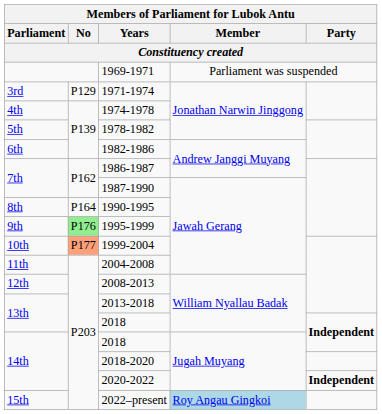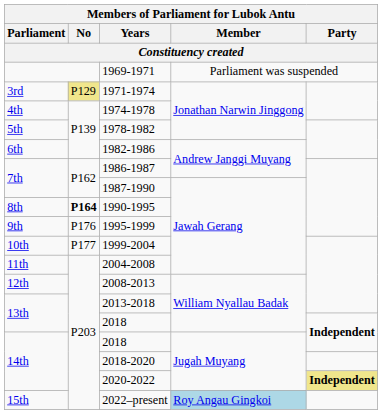 <table class=wikitable>
 <tr>
 <th colspan="5">Members of Parliament for Lubok Antu</th>
 </tr>
 <tr>
 <th>Parliament</th>
 <th>No</th>
 <th>Years</th>
 <th>Member</th>
 <th>Party</th>
 </tr>
 <tr>
 <th colspan="5" align="center"><em>Constituency created</em></th>
 </tr>
 <tr>
 <td colspan="2"></td>
 <td>1969-1971</td>
 <td colspan=2 align=center>Parliament was suspended</td>
 </tr>
 <tr>
 <td><a href='#'>3rd</a></td>
-<td>P129</td>
+<td style="background: khaki;">P129</td>
 <td>1971-1974</td>
 <td rowspan=3><a href='#'>Jonathan Narwin Jinggong</a></td>
 <td rowspan=2></td>
 </tr>
 <tr>
 <td><a href='#'>4th</a></td>
 <td rowspan="3">P139</td>
 <td>1974-1978</td>
 </tr>
 <tr>
 <td><a href='#'>5th</a></td>
 <td>1978-1982</td>
 <td rowspan="2"></td>
 </tr>
 <tr>
 <td><a href='#'>6th</a></td>
 <td>1982-1986</td>
 <td rowspan=2><a href='#'>Andrew Janggi Muyang</a></td>
 </tr>
 <tr>
 <td rowspan=2><a href='#'>7th</a></td>
 <td rowspan="2">P162</td>
 <td>1986-1987</td>
 <td rowspan="4"></td>
 </tr>
 <tr>
 <td>1987-1990</td>
 <td rowspan=5><a href='#'>Jawah Gerang</a></td>
 </tr>
 <tr>
 <td><a href='#'>8th</a></td>
-<td>P164</td>
+<td><strong>P164</strong></td>
 <td>1990-1995</td>
 </tr>
 <tr>
 <td><a href='#'>9th</a></td>
-<td style="background: lightgreen;">P176</td>
+<td>P176</td>
 <td>1995-1999</td>
 </tr>
 <tr>
 <td><a href='#'>10th</a></td>
-<td style="background: lightsalmon;">P177</td>
+<td>P177</td>
 <td>1999-2004</td>
 <td rowspan="4"></td>
 </tr>
 <tr>
 <td><a href='#'>11th</a></td>
 <td rowspan="8">P203</td>
 <td>2004-2008</td>
 </tr>
 <tr>
 <td><a href='#'>12th</a></td>
 <td>2008-2013</td>
 <td rowspan=3><a href='#'>William Nyallau Badak</a></td>
 </tr>
 <tr>
 <td rowspan=2><a href='#'>13th</a></td>
 <td>2013-2018</td>
 </tr>
 <tr>
 <td>2018</td>
 <td rowspan="2"><strong>Independent</strong></td>
 </tr>
 <tr>
 <td rowspan="3"><a href='#'>14th</a></td>
 <td>2018</td>
 <td rowspan="3"><a href='#'>Jugah Muyang</a></td>
 </tr>
 <tr>
 <td>2018-2020</td>
 <td></td>
 </tr>
 <tr>
 <td>2020-2022</td>
-<td><strong>Independent</strong></td>
+<td style="background: khaki;"><strong>Independent</strong></td>
 </tr>
 <tr>
 <td><a href='#'>15th</a></td>
 <td>2022–present</td>
 <td style="background: lightblue;"><a href='#'>Roy Angau Gingkoi</a></td>
 <td></td>
 </tr>
 </table>
